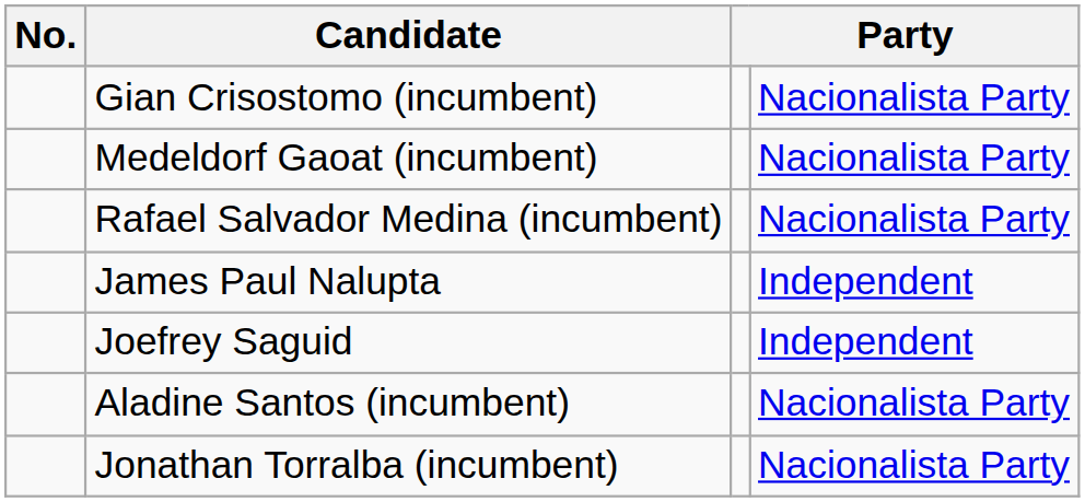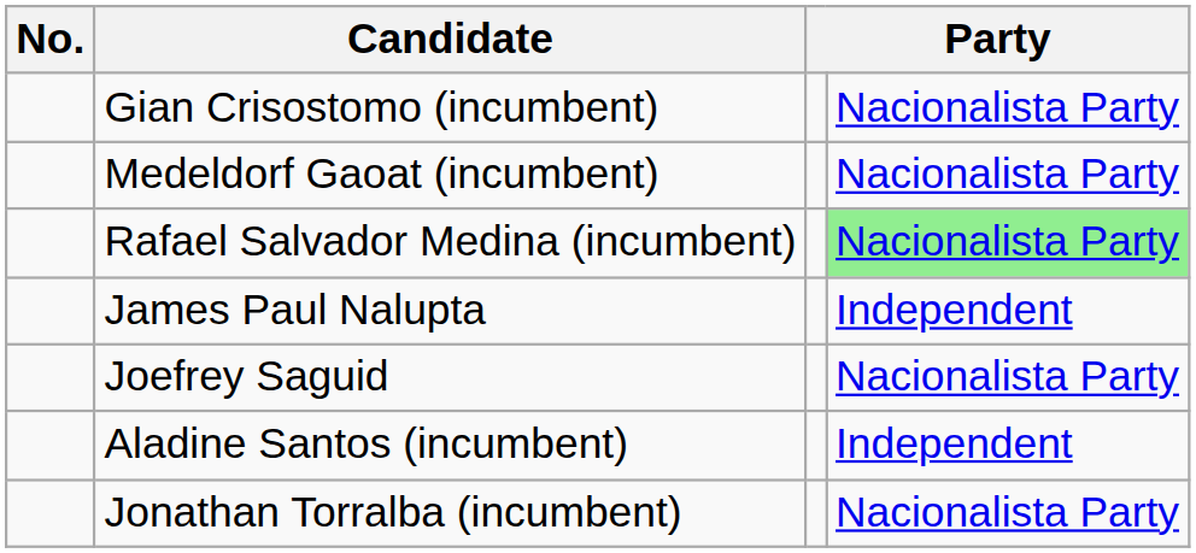 <table class="wikitable sortable" style="text-align:left;">
 <tr>
 <th>No.</th>
 <th>Candidate</th>
 <th colspan="2">Party</th>
 </tr>
 <tr>
 <td></td>
 <td>Gian Crisostomo (incumbent)</td>
 <td></td>
 <td><a href='#'>Nacionalista Party</a></td>
 </tr>
 <tr>
 <td></td>
 <td>Medeldorf Gaoat (incumbent)</td>
 <td></td>
 <td><a href='#'>Nacionalista Party</a></td>
 </tr>
 <tr>
 <td></td>
 <td>Rafael Salvador Medina (incumbent)</td>
 <td></td>
-<td><a href='#'>Nacionalista Party</a></td>
+<td style="background: lightgreen;"><a href='#'>Nacionalista Party</a></td>
 </tr>
 <tr>
 <td></td>
 <td>James Paul Nalupta</td>
 <td></td>
 <td><a href='#'>Independent</a></td>
 </tr>
 <tr>
 <td></td>
 <td>Joefrey Saguid</td>
 <td></td>
-<td><a href='#'>Independent</a></td>
+<td><a href='#'>Nacionalista Party</a></td>
 </tr>
 <tr>
 <td></td>
 <td>Aladine Santos (incumbent)</td>
 <td></td>
-<td><a href='#'>Nacionalista Party</a></td>
+<td><a href='#'>Independent</a></td>
 </tr>
 <tr>
 <td></td>
 <td>Jonathan Torralba (incumbent)</td>
 <td></td>
 <td><a href='#'>Nacionalista Party</a></td>
 </tr>
 </table>
